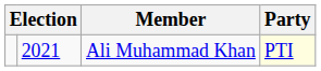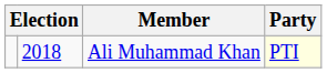 <table class="wikitable">
 <tr>
 <th colspan="2">Election</th>
 <th>Member</th>
 <th>Party</th>
 </tr>
 <tr>
 <td style="background-color: "></td>
-<td><a href='#'>2021</a></td>
+<td><a href='#'>2018</a></td>
 <td><a href='#'>Ali Muhammad Khan</a></td>
 <td style="background: lightyellow;"><a href='#'>PTI</a></td>
 </tr>
 </table>
